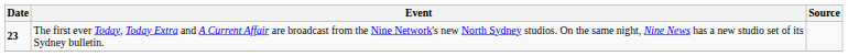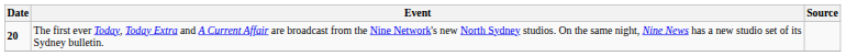 <table class="wikitable">
 <tr>
 <th>Date</th>
 <th>Event</th>
 <th>Source</th>
 </tr>
 <tr>
-<td><strong>23</strong></td>
+<td><strong>20</strong></td>
 <td>The first ever <em><a href='#'>Today</a></em>, <em><a href='#'>Today Extra</a></em> and <em><a href='#'>A Current Affair</a></em> are broadcast from the <a href='#'>Nine Network</a>'s new <a href='#'>North Sydney</a> studios. On the same night, <em><a href='#'>Nine News</a></em> has a new studio set of its Sydney bulletin.</td>
 <td></td>
 </tr>
 <tr>
 </tr>
 </table>
